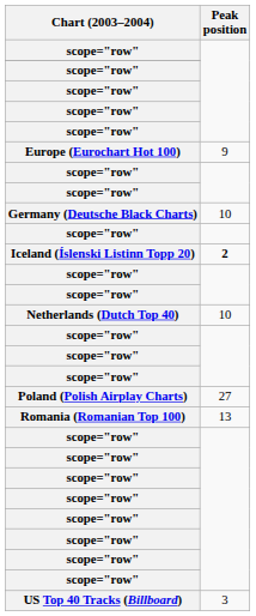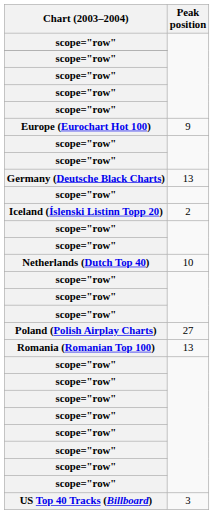 <table class="wikitable sortable plainrowheaders">
 <tr>
 <th scope="col">Chart (2003–2004)</th>
 <th scope="col">Peak<br>position</th>
 </tr>
 <tr>
 <th>scope="row" </th>
 </tr>
 <tr>
 </tr>
 <tr>
 <th>scope="row" </th>
 </tr>
 <tr>
 <th>scope="row" </th>
 </tr>
 <tr>
 <th>scope="row" </th>
 </tr>
 <tr>
 <th>scope="row" </th>
 </tr>
 <tr>
 <th scope="row">Europe (<a href='#'>Eurochart Hot 100</a>)</th>
 <td align="center">9</td>
 </tr>
 <tr>
 <th>scope="row" </th>
 </tr>
 <tr>
 <th>scope="row" </th>
 </tr>
 <tr>
 <th scope="row">Germany (<a href='#'>Deutsche Black Charts</a>)</th>
-<td align="center">10</td>
+<td align="center">13</td>
 </tr>
 <tr>
 <th>scope="row" </th>
 </tr>
 <tr>
 <th scope="row">Iceland (<a href='#'>Íslenski Listinn Topp 20</a>)</th>
-<td align="center"><strong>2</strong></td>
+<td align="center">2</td>
 </tr>
 <tr>
 <th>scope="row" </th>
 </tr>
 <tr>
 <th>scope="row" </th>
 </tr>
 <tr>
 <th scope="row">Netherlands (<a href='#'>Dutch Top 40</a>)</th>
 <td align="center">10</td>
 </tr>
 <tr>
 <th>scope="row" </th>
 </tr>
 <tr>
 <th>scope="row" </th>
 </tr>
 <tr>
 <th>scope="row" </th>
 </tr>
 <tr>
 <th scope="row">Poland (<a href='#'>Polish Airplay Charts</a>)</th>
 <td align="center">27</td>
 </tr>
 <tr>
 <th scope="row">Romania (<a href='#'>Romanian Top 100</a>)</th>
 <td align="center">13</td>
 </tr>
 <tr>
 <th>scope="row" </th>
 </tr>
 <tr>
 <th>scope="row" </th>
 </tr>
 <tr>
 <th>scope="row" </th>
 </tr>
 <tr>
 <th>scope="row" </th>
 </tr>
 <tr>
 <th>scope="row" </th>
 </tr>
 <tr>
 <th>scope="row" </th>
 </tr>
 <tr>
 <th>scope="row" </th>
 </tr>
 <tr>
 <th>scope="row" </th>
 </tr>
 <tr>
 <th scope="row">US <a href='#'>Top 40 Tracks</a> (<em><a href='#'>Billboard</a></em>)</th>
 <td align="center">3</td>
 </tr>
 </table>
